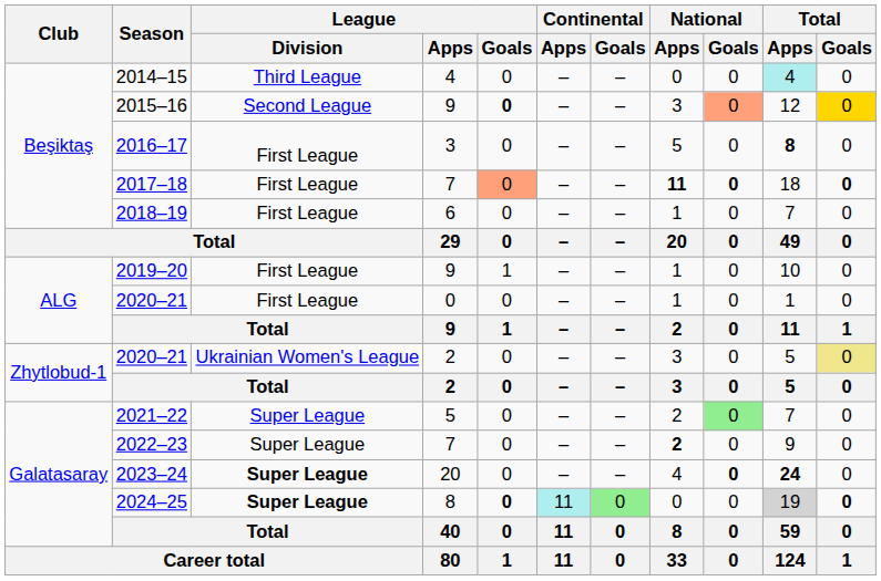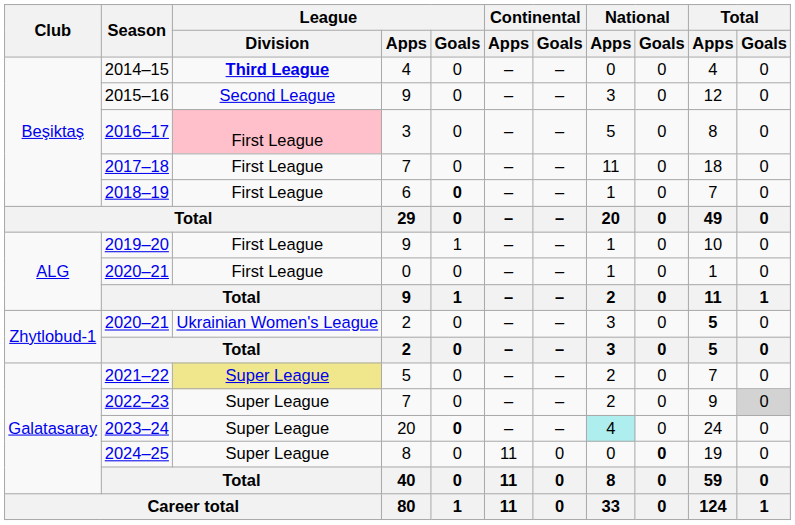 <table class="wikitable" style="text-align: center;">
 <tr>
 <th rowspan="2">Club</th>
 <th rowspan="2">Season</th>
 <th colspan="3">League</th>
 <th colspan="2">Continental</th>
 <th colspan="2">National</th>
 <th colspan="2">Total</th>
 </tr>
 <tr>
 <th>Division</th>
 <th>Apps</th>
 <th>Goals</th>
 <th>Apps</th>
 <th>Goals</th>
 <th>Apps</th>
 <th>Goals</th>
 <th>Apps</th>
 <th>Goals</th>
 </tr>
 <tr>
 <td rowspan=5><a href='#'>Beşiktaş</a></td>
 <td>2014–15</td>
-<td><a href='#'>Third League</a></td>
+<td><strong><a href='#'>Third League</a></strong></td>
 <td>4</td>
 <td>0</td>
 <td>–</td>
 <td>–</td>
 <td>0</td>
 <td>0</td>
-<td style="background: paleturquoise;">4</td>
+<td>4</td>
 <td>0</td>
 </tr>
 <tr>
 <td>2015–16</td>
 <td><a href='#'>Second League</a></td>
 <td>9</td>
-<td><strong>0</strong></td>
+<td>0</td>
 <td>–</td>
 <td>–</td>
 <td>3</td>
-<td style="background: lightsalmon;">0</td>
+<td>0</td>
 <td>12</td>
-<td style="background: gold;">0</td>
+<td>0</td>
 </tr>
 <tr>
 <td><a href='#'>2016–17</a></td>
-<td><br>First League</td>
+<td style="background: pink;"><br>First League</td>
 <td>3</td>
 <td>0</td>
 <td>–</td>
 <td>–</td>
 <td>5</td>
 <td>0</td>
-<td><strong>8</strong></td>
+<td>8</td>
 <td>0</td>
 </tr>
 <tr>
 <td><a href='#'>2017–18</a></td>
 <td>First League</td>
 <td>7</td>
-<td style="background: lightsalmon;">0</td>
+<td>0</td>
 <td>–</td>
 <td>–</td>
-<td><strong>11</strong></td>
-<td><strong>0</strong></td>
+<td>11</td>
+<td>0</td>
 <td>18</td>
-<td><strong>0</strong></td>
+<td>0</td>
 </tr>
 <tr>
 <td><a href='#'>2018–19</a></td>
 <td>First League</td>
 <td>6</td>
-<td>0</td>
+<td><strong>0</strong></td>
 <td>–</td>
 <td>–</td>
 <td>1</td>
 <td>0</td>
 <td>7</td>
 <td>0</td>
 </tr>
 <tr>
 <th colspan="3">Total</th>
 <th>29</th>
 <th>0</th>
 <th>–</th>
 <th>–</th>
 <th>20</th>
 <th>0</th>
 <th>49</th>
 <th>0</th>
 </tr>
 <tr>
 <td rowspan=3><a href='#'>ALG</a></td>
 <td><a href='#'>2019–20</a></td>
 <td>First League</td>
 <td>9</td>
 <td>1</td>
 <td>–</td>
 <td>–</td>
 <td>1</td>
 <td>0</td>
 <td>10</td>
 <td>0</td>
 </tr>
 <tr>
 <td><a href='#'>2020–21</a></td>
 <td>First League</td>
 <td>0</td>
 <td>0</td>
 <td>–</td>
 <td>–</td>
 <td>1</td>
 <td>0</td>
 <td>1</td>
 <td>0</td>
 </tr>
 <tr>
 <th colspan="2">Total</th>
 <th>9</th>
 <th>1</th>
 <th>–</th>
 <th>–</th>
 <th>2</th>
 <th>0</th>
 <th>11</th>
 <th>1</th>
 </tr>
 <tr>
 <td rowspan=2><a href='#'>Zhytlobud-1</a></td>
 <td><a href='#'>2020–21</a></td>
 <td><a href='#'>Ukrainian Women's League</a></td>
 <td>2</td>
 <td>0</td>
 <td>–</td>
 <td>–</td>
 <td>3</td>
 <td>0</td>
-<td>5</td>
-<td style="background: khaki;">0</td>
+<td><strong>5</strong></td>
+<td>0</td>
 </tr>
 <tr>
 <th colspan="2">Total</th>
 <th>2</th>
 <th>0</th>
 <th>–</th>
 <th>–</th>
 <th>3</th>
 <th>0</th>
 <th>5</th>
 <th>0</th>
 </tr>
 <tr>
 <td rowspan=5><a href='#'>Galatasaray</a></td>
 <td><a href='#'>2021–22</a></td>
-<td><a href='#'>Super League</a></td>
+<td style="background: khaki;"><a href='#'>Super League</a></td>
 <td>5</td>
 <td>0</td>
 <td>–</td>
 <td>–</td>
 <td>2</td>
-<td style="background: lightgreen;">0</td>
+<td>0</td>
 <td>7</td>
 <td>0</td>
 </tr>
 <tr>
 <td><a href='#'>2022–23</a></td>
 <td>Super League</td>
 <td>7</td>
 <td>0</td>
 <td>–</td>
 <td>–</td>
-<td><strong>2</strong></td>
+<td>2</td>
 <td>0</td>
 <td>9</td>
-<td>0</td>
+<td style="background: lightgrey;">0</td>
 </tr>
 <tr>
 <td><a href='#'>2023–24</a></td>
-<td><strong>Super League</strong></td>
+<td>Super League</td>
 <td>20</td>
-<td>0</td>
+<td><strong>0</strong></td>
 <td>–</td>
 <td>–</td>
-<td>4</td>
-<td><strong>0</strong></td>
-<td><strong>24</strong></td>
+<td style="background: paleturquoise;">4</td>
+<td>0</td>
+<td>24</td>
 <td>0</td>
 </tr>
 <tr>
 <td><a href='#'>2024–25</a></td>
-<td><strong>Super League</strong></td>
+<td>Super League</td>
 <td>8</td>
-<td><strong>0</strong></td>
-<td style="background: paleturquoise;">11</td>
-<td style="background: lightgreen;">0</td>
+<td>0</td>
+<td>11</td>
 <td>0</td>
 <td>0</td>
-<td style="background: lightgrey;">19</td>
 <td><strong>0</strong></td>
+<td>19</td>
+<td>0</td>
 </tr>
 <tr>
 <th colspan="2">Total</th>
 <th>40</th>
 <th>0</th>
 <th>11</th>
 <th>0</th>
 <th>8</th>
 <th>0</th>
 <th>59</th>
 <th>0</th>
 </tr>
 <tr>
 <th colspan="3">Career total</th>
 <th>80</th>
 <th>1</th>
 <th>11</th>
 <th>0</th>
 <th>33</th>
 <th>0</th>
 <th>124</th>
 <th>1</th>
 </tr>
 </table>
